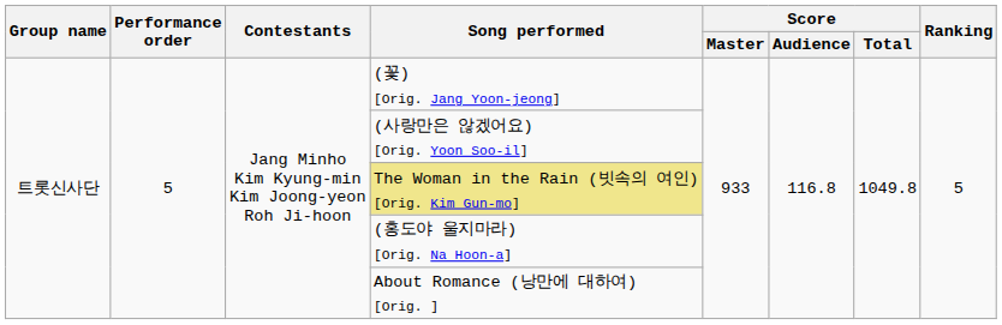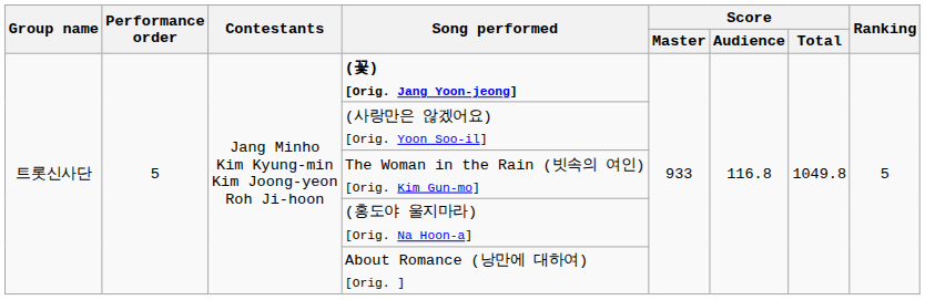 <table class="wikitable sortable">
 <tr>
 <th rowspan=2>Group name</th>
 <th rowspan=2>Performance<br>order</th>
 <th rowspan=2>Contestants</th>
 <th rowspan=2>Song performed</th>
 <th colspan=3>Score</th>
 <th rowspan=2>Ranking</th>
 </tr>
 <tr>
 <th>Master</th>
 <th>Audience</th>
 <th>Total</th>
 </tr>
 <tr>
 <td rowspan=5 align=center>트롯신사단</td>
 <td rowspan=5 align=center>5</td>
 <td rowspan=5 align=center>Jang Minho<br>Kim Kyung-min<br>Kim Joong-yeon<br>Roh Ji-hoon</td>
-<td>(꽃)<br><sub>[Orig. <a href='#'>Jang Yoon-jeong</a>]</sub></td>
+<td><strong>(꽃)<br><sub>[Orig. <a href='#'>Jang Yoon-jeong</a>]</sub></strong></td>
 <td rowspan=5 align=center>933</td>
 <td rowspan=5 align=center>116.8</td>
 <td rowspan=5 align=center>1049.8</td>
 <td rowspan=5 align=center>5</td>
 </tr>
 <tr>
 <td>(사랑만은 않겠어요)<br><sub>[Orig. <a href='#'>Yoon Soo-il</a>]</sub></td>
 </tr>
 <tr>
-<td style="background: khaki;">The Woman in the Rain (빗속의 여인)<br><sub>[Orig. <a href='#'>Kim Gun-mo</a>]</sub></td>
+<td>The Woman in the Rain (빗속의 여인)<br><sub>[Orig. <a href='#'>Kim Gun-mo</a>]</sub></td>
 </tr>
 <tr>
 <td>(홍도야 울지마라)<br><sub>[Orig. <a href='#'>Na Hoon-a</a>]</sub></td>
 </tr>
 <tr>
 <td>About Romance (낭만에 대하여)<br><sub>[Orig. ]</sub></td>
 </tr>
 </table>
